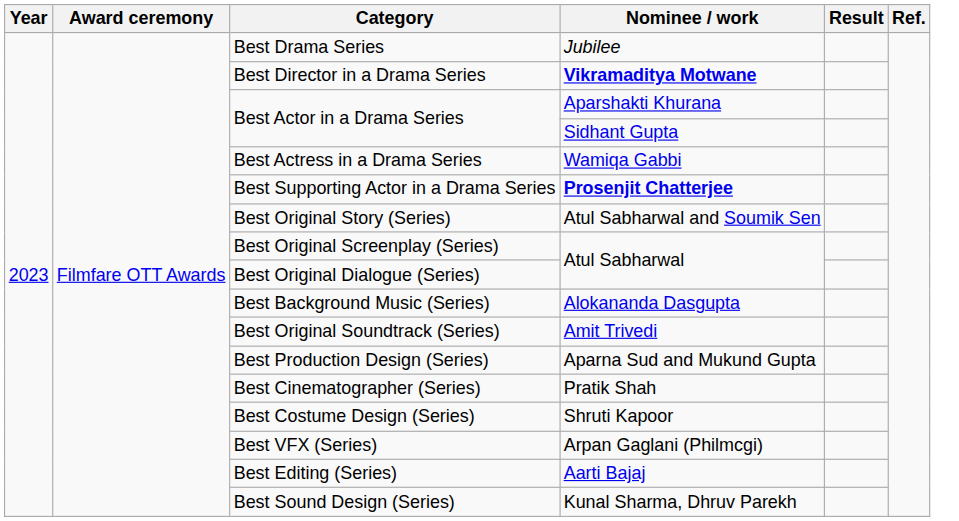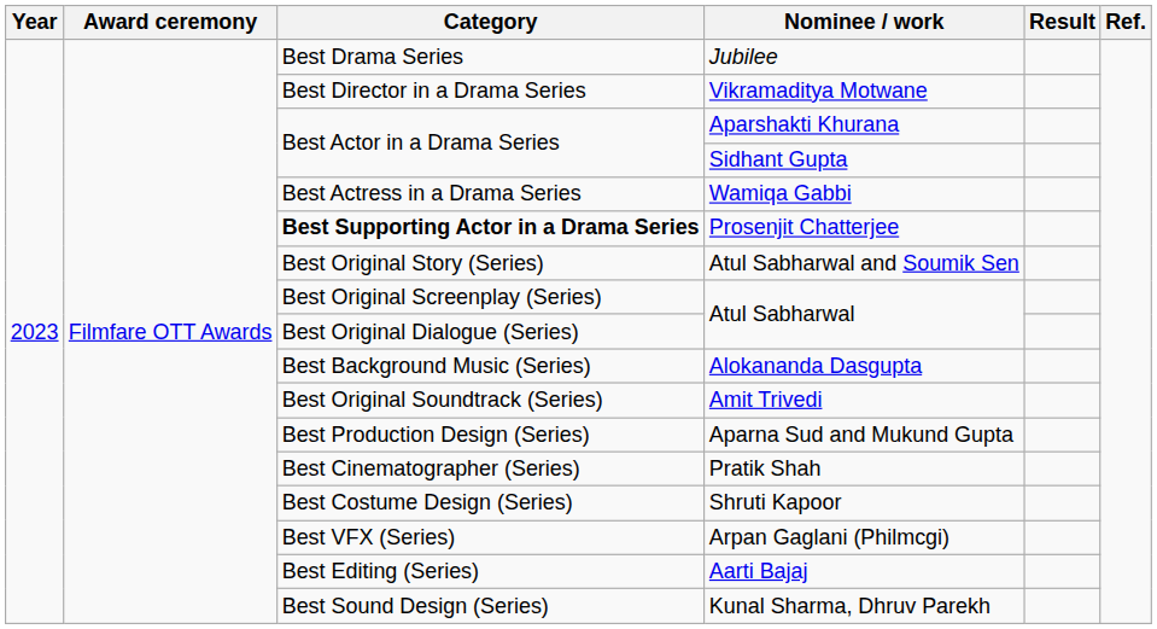 <table class="wikitable">
 <tr>
 <th>Year</th>
 <th>Award ceremony</th>
 <th>Category</th>
 <th>Nominee / work</th>
 <th>Result</th>
 <th>Ref.</th>
 </tr>
 <tr>
 <td rowspan="17"><a href='#'>2023</a></td>
 <td rowspan="17"><a href='#'>Filmfare OTT Awards</a></td>
 <td>Best Drama Series</td>
 <td><em>Jubilee</em></td>
 <td></td>
 <td rowspan="17"></td>
 </tr>
 <tr>
 <td>Best Director in a Drama Series</td>
-<td><strong><a href='#'>Vikramaditya Motwane</a></strong></td>
+<td><a href='#'>Vikramaditya Motwane</a></td>
 <td></td>
 </tr>
 <tr>
 <td rowspan="2">Best Actor in a Drama Series</td>
 <td><a href='#'>Aparshakti Khurana</a></td>
 <td></td>
 </tr>
 <tr>
 <td><a href='#'>Sidhant Gupta</a></td>
 <td></td>
 </tr>
 <tr>
 <td>Best Actress in a Drama Series</td>
 <td><a href='#'>Wamiqa Gabbi</a></td>
 <td></td>
 </tr>
 <tr>
-<td>Best Supporting Actor in a Drama Series</td>
-<td><strong><a href='#'>Prosenjit Chatterjee</a></strong></td>
+<td><strong>Best Supporting Actor in a Drama Series</strong></td>
+<td><a href='#'>Prosenjit Chatterjee</a></td>
 <td></td>
 </tr>
 <tr>
 <td>Best Original Story (Series)</td>
 <td>Atul Sabharwal and <a href='#'>Soumik Sen</a></td>
 <td></td>
 </tr>
 <tr>
 <td>Best Original Screenplay (Series)</td>
 <td rowspan="2">Atul Sabharwal</td>
 <td></td>
 </tr>
 <tr>
 <td>Best Original Dialogue (Series)</td>
 <td></td>
 </tr>
 <tr>
 <td>Best Background Music (Series)</td>
 <td><a href='#'>Alokananda Dasgupta</a></td>
 <td></td>
 </tr>
 <tr>
 <td>Best Original Soundtrack (Series)</td>
 <td><a href='#'>Amit Trivedi</a></td>
 <td></td>
 </tr>
 <tr>
 <td>Best Production Design (Series)</td>
 <td>Aparna Sud and Mukund Gupta</td>
 <td></td>
 </tr>
 <tr>
 <td>Best Cinematographer (Series)</td>
 <td>Pratik Shah</td>
 <td></td>
 </tr>
 <tr>
 <td>Best Costume Design (Series)</td>
 <td>Shruti Kapoor</td>
 <td></td>
 </tr>
 <tr>
 <td>Best VFX (Series)</td>
 <td>Arpan Gaglani (Philmcgi)</td>
 <td></td>
 </tr>
 <tr>
 <td>Best Editing (Series)</td>
 <td><a href='#'>Aarti Bajaj</a></td>
 <td></td>
 </tr>
 <tr>
 <td>Best Sound Design (Series)</td>
 <td>Kunal Sharma, Dhruv Parekh</td>
 <td></td>
 </tr>
 </table>
